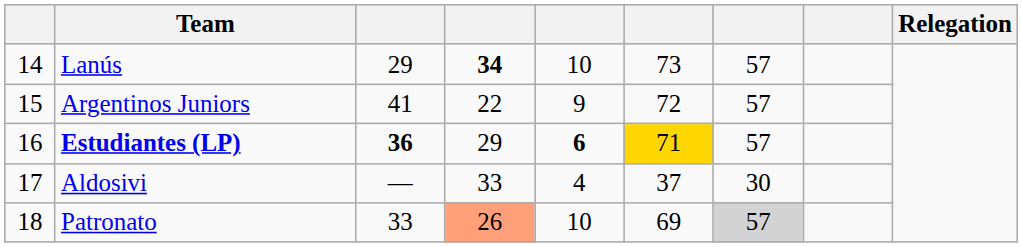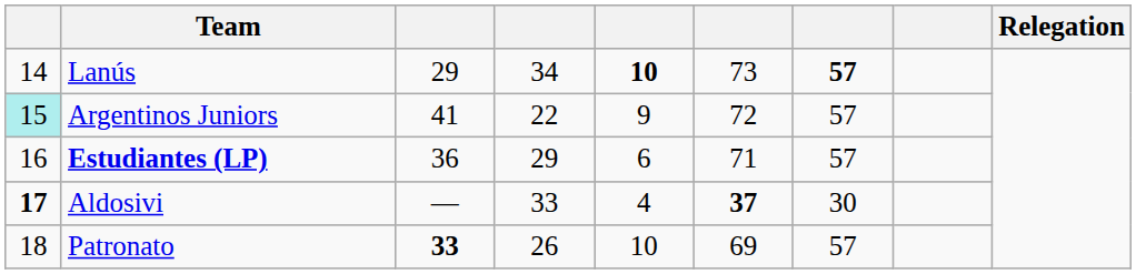 <table class="wikitable sortable" style="text-align: center;">
 <tr>
 <th width=25></th>
 <th width=185>Team</th>
 <th width=50></th>
 <th width=50></th>
 <th width=50></th>
 <th width=50></th>
 <th width=50></th>
 <th width=50></th>
 <th>Relegation</th>
 </tr>
 <tr>
 <td>14</td>
 <td align="left"><a href='#'>Lanús</a></td>
 <td>29</td>
-<td><strong>34</strong></td>
-<td>10</td>
+<td>34</td>
+<td><strong>10</strong></td>
 <td>73</td>
-<td>57</td>
+<td><strong>57</strong></td>
 <td><strong></strong></td>
 </tr>
 <tr>
-<td>15</td>
+<td style="background: paleturquoise;">15</td>
 <td align="left"><a href='#'>Argentinos Juniors</a></td>
 <td>41</td>
 <td>22</td>
 <td>9</td>
 <td>72</td>
 <td>57</td>
 <td><strong></strong></td>
 </tr>
 <tr>
 <td>16</td>
 <td align="left"><strong><a href='#'>Estudiantes (LP)</a></strong></td>
-<td><strong>36</strong></td>
+<td>36</td>
 <td>29</td>
-<td><strong>6</strong></td>
-<td style="background: gold;">71</td>
+<td>6</td>
+<td>71</td>
 <td>57</td>
 <td><strong></strong></td>
 </tr>
 <tr>
-<td>17</td>
+<td><strong>17</strong></td>
 <td align="left"><a href='#'>Aldosivi</a></td>
 <td>—</td>
 <td>33</td>
 <td>4</td>
-<td>37</td>
+<td><strong>37</strong></td>
 <td>30</td>
 <td><strong></strong></td>
 </tr>
 <tr>
 <td>18</td>
 <td align="left"><a href='#'>Patronato</a></td>
-<td>33</td>
-<td style="background: lightsalmon;">26</td>
+<td><strong>33</strong></td>
+<td>26</td>
 <td>10</td>
 <td>69</td>
-<td style="background: lightgrey;">57</td>
+<td>57</td>
 <td><strong></strong></td>
 </tr>
 </table>
